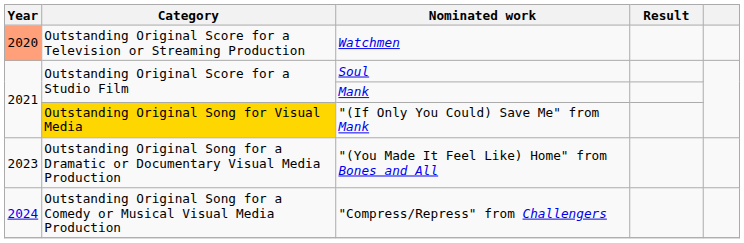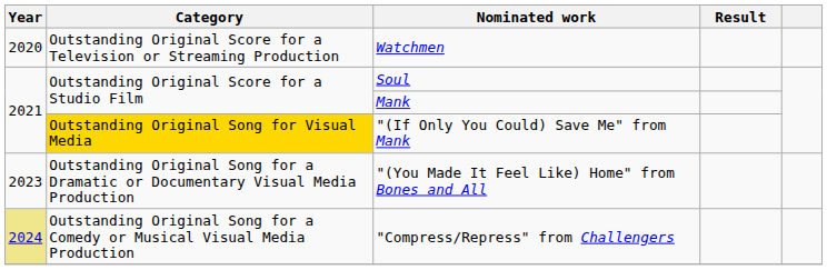 <table class="wikitable" style="width:85%;">
 <tr>
 <th width=5%>Year</th>
 <th style="width:40%;">Category</th>
 <th style="width:40%;">Nominated work</th>
 <th style="width:10%;">Result</th>
 <th width=5%></th>
 </tr>
 <tr>
-<td style="background: lightsalmon; text-align:center;">2020</td>
+<td style="text-align:center;">2020</td>
 <td>Outstanding Original Score for a Television or Streaming Production</td>
 <td><em><a href='#'>Watchmen</a></em></td>
 <td></td>
 <td align="center"></td>
 </tr>
 <tr>
 <td rowspan="3" style="text-align:center;">2021</td>
 <td rowspan="2">Outstanding Original Score for a Studio Film</td>
 <td><em><a href='#'>Soul</a></em></td>
 <td></td>
 <td rowspan="3" align="center"></td>
 </tr>
 <tr>
 <td><em><a href='#'>Mank</a></em></td>
 <td></td>
 </tr>
 <tr>
 <td style="background: gold;">Outstanding Original Song for Visual Media</td>
 <td>"(If Only You Could) Save Me" from <em><a href='#'>Mank</a></em></td>
 <td></td>
 </tr>
 <tr>
 <td style="text-align:center;">2023</td>
 <td>Outstanding Original Song for a Dramatic or Documentary Visual Media Production</td>
 <td>"(You Made It Feel Like) Home" from <em><a href='#'>Bones and All</a></em></td>
 <td></td>
 <td align="center"></td>
 </tr>
 <tr>
-<td style="text-align:center;"><a href='#'>2024</a></td>
+<td style="background: khaki; text-align:center;"><a href='#'>2024</a></td>
 <td>Outstanding Original Song for a Comedy or Musical Visual Media Production</td>
 <td>"Compress/Repress" from <em><a href='#'>Challengers</a></em></td>
 <td></td>
 <td align="center"></td>
 </tr>
 <tr>
 </tr>
 </table>
